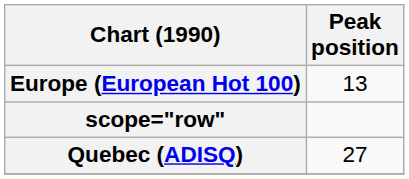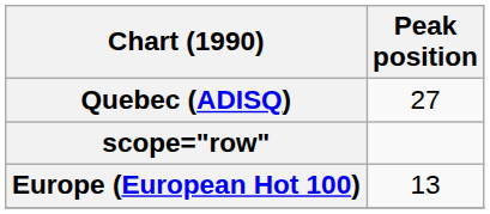 <table class="wikitable sortable plainrowheaders">
 <tr>
 <th>Chart (1990)</th>
 <th>Peak<br>position</th>
 </tr>
 <tr>
-<th scope="row">Europe (<a href='#'>European Hot 100</a>)</th>
-<td align="center">13</td>
+<th scope="row">Quebec (<a href='#'>ADISQ</a>)</th>
+<td align="center">27</td>
 </tr>
 <tr>
 <th>scope="row"</th>
 </tr>
 <tr>
-<th scope="row">Quebec (<a href='#'>ADISQ</a>)</th>
-<td align="center">27</td>
+<th scope="row">Europe (<a href='#'>European Hot 100</a>)</th>
+<td align="center">13</td>
 </tr>
 <tr>
 </tr>
 </table>
